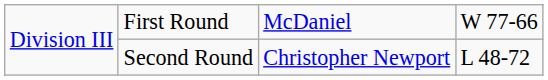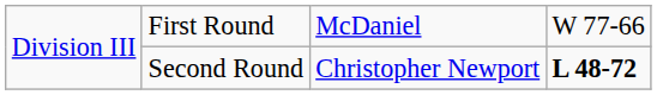 <table class="wikitable">
 <tr>
 <td rowspan="2"><a href='#'>Division III</a></td>
 <td>First Round</td>
 <td><a href='#'>McDaniel</a></td>
 <td>W 77-66</td>
 </tr>
 <tr>
 <td>Second Round</td>
 <td><a href='#'>Christopher Newport</a></td>
-<td>L 48-72</td>
+<td><strong>L 48-72</strong></td>
 </tr>
 </table>
